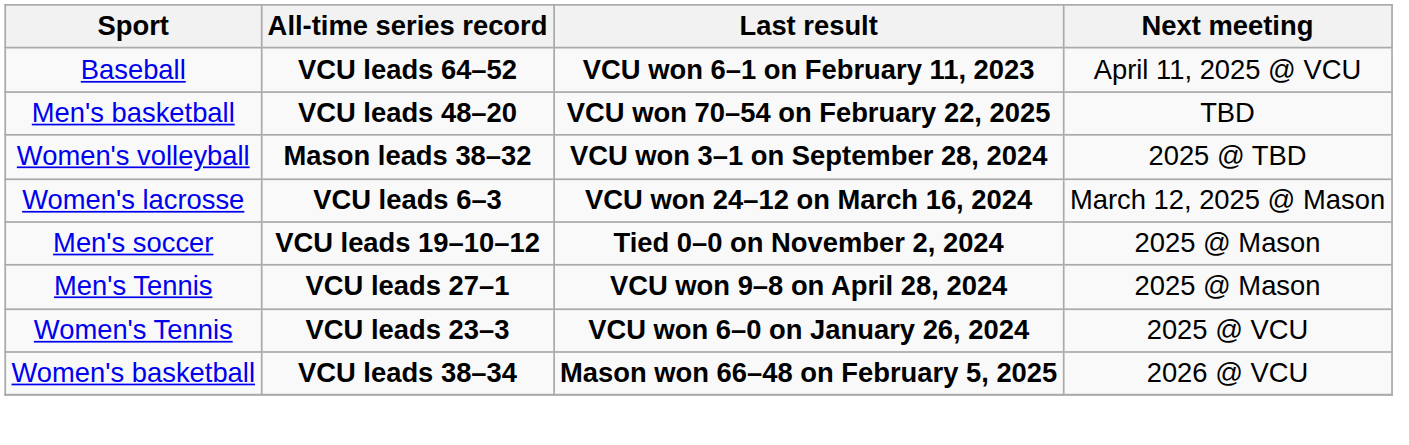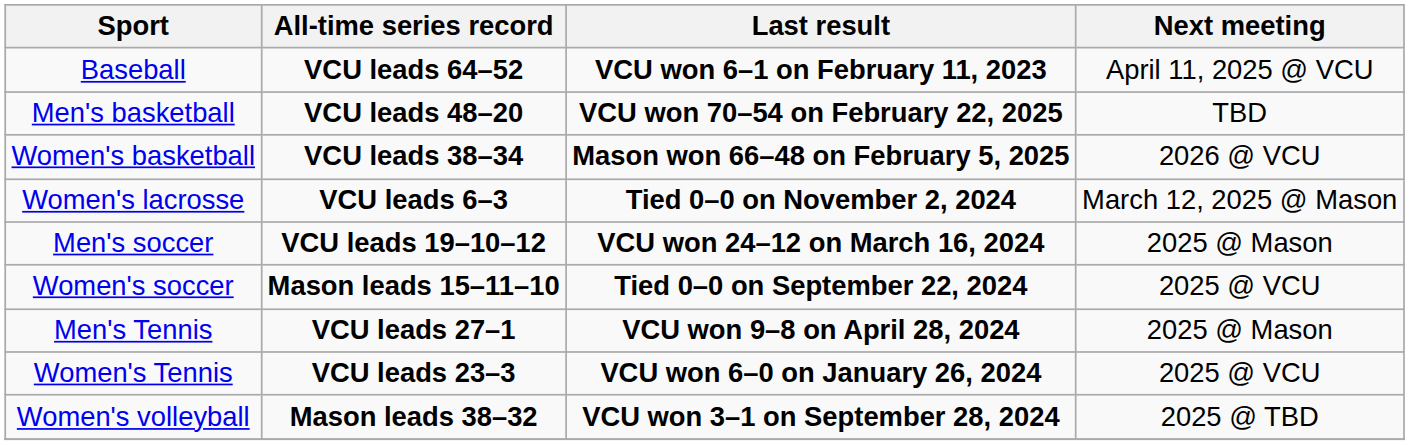 <table class="wikitable" style="margin-left: 1em; margin-bottom: 1em; text-align: center">
 <tr>
 <th>Sport</th>
 <th>All-time series record</th>
 <th>Last result</th>
 <th>Next meeting</th>
 </tr>
 <tr>
 <td><a href='#'>Baseball</a></td>
 <td><strong>VCU leads 64–52</strong></td>
 <td><strong>VCU won 6–1 on February 11, 2023</strong></td>
 <td>April 11, 2025 @ VCU</td>
 </tr>
 <tr>
 <td><a href='#'>Men's basketball</a></td>
 <td><strong>VCU leads 48–20</strong></td>
 <td><strong>VCU won 70–54 on February 22, 2025</strong></td>
 <td>TBD</td>
 </tr>
 <tr>
-<td><a href='#'>Women's volleyball</a></td>
-<td><strong>Mason leads 38–32</strong></td>
-<td><strong>VCU won 3–1 on September 28, 2024</strong></td>
-<td>2025 @ TBD</td>
+<td><a href='#'>Women's basketball</a></td>
+<td><strong>VCU leads 38–34</strong></td>
+<td><strong>Mason won 66–48 on February 5, 2025</strong></td>
+<td>2026 @ VCU</td>
 </tr>
 <tr>
 <td><a href='#'>Women's lacrosse</a></td>
 <td><strong>VCU leads 6–3</strong></td>
-<td><strong>VCU won 24–12 on March 16, 2024</strong></td>
+<td><strong>Tied 0–0 on November 2, 2024</strong></td>
 <td>March 12, 2025 @ Mason</td>
 </tr>
 <tr>
 <td><a href='#'>Men's soccer</a></td>
 <td><strong>VCU leads 19–10–12</strong></td>
-<td><strong>Tied 0–0 on November 2, 2024</strong></td>
+<td><strong>VCU won 24–12 on March 16, 2024</strong></td>
 <td>2025 @ Mason</td>
+</tr>
+<tr>
+<td><a href='#'>Women's soccer</a></td>
+<td><strong>Mason leads 15–11–10</strong></td>
+<td><strong>Tied 0–0 on September 22, 2024</strong></td>
+<td>2025 @ VCU</td>
 </tr>
 <tr>
 <td><a href='#'>Men's Tennis</a></td>
 <td><strong>VCU leads 27–1</strong></td>
 <td><strong>VCU won 9–8 on April 28, 2024</strong></td>
 <td>2025 @ Mason</td>
 </tr>
 <tr>
 <td><a href='#'>Women's Tennis</a></td>
 <td><strong>VCU leads 23–3</strong></td>
 <td><strong>VCU won 6–0 on January 26, 2024</strong></td>
 <td>2025 @ VCU</td>
 </tr>
 <tr>
-<td><a href='#'>Women's basketball</a></td>
-<td><strong>VCU leads 38–34</strong></td>
-<td><strong>Mason won 66–48 on February 5, 2025</strong></td>
-<td>2026 @ VCU</td>
+<td><a href='#'>Women's volleyball</a></td>
+<td><strong>Mason leads 38–32</strong></td>
+<td><strong>VCU won 3–1 on September 28, 2024</strong></td>
+<td>2025 @ TBD</td>
 </tr>
 <tr>
 </tr>
 </table>
